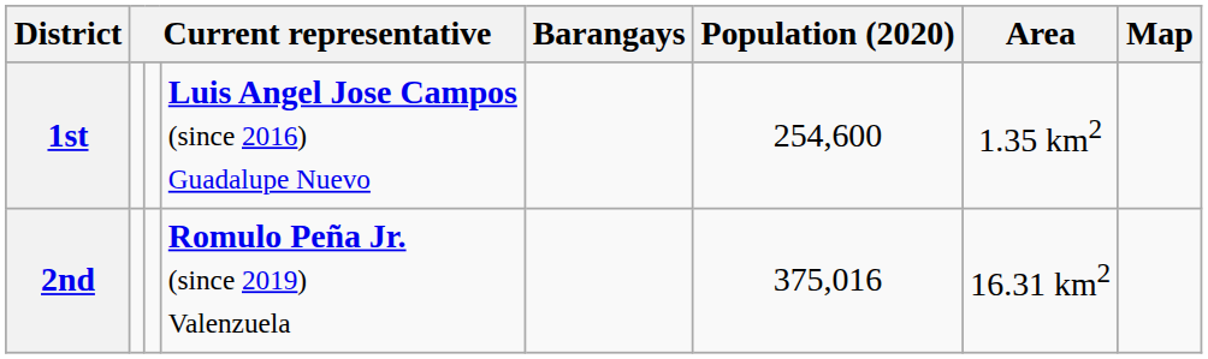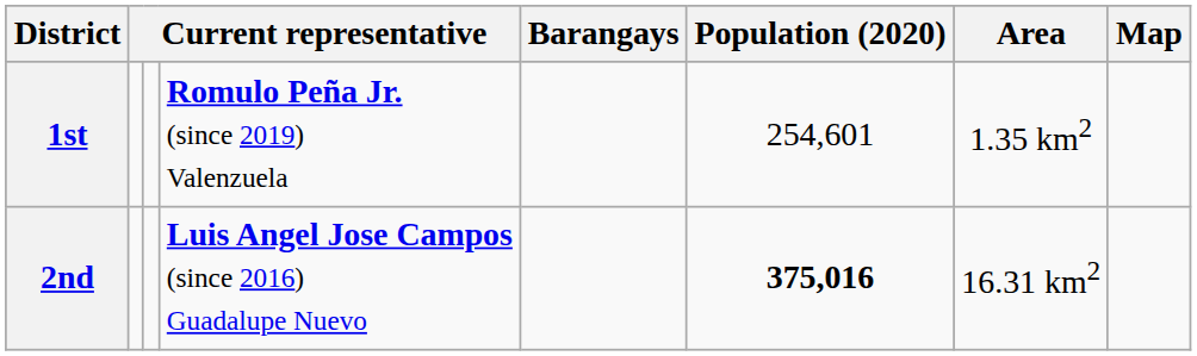 <table class="wikitable sortable" style="margin: 1em auto; font-size:100%; line-height:20px; text-align:center">
 <tr>
 <th>District</th>
 <th colspan="3">Current representative</th>
 <th>Barangays</th>
 <th>Population (2020)</th>
 <th>Area</th>
 <th>Map</th>
 </tr>
 <tr>
 <th><a href='#'>1st</a></th>
 <td style="background:"></td>
 <td></td>
-<td style="text-align:left;"><strong><a href='#'>Luis Angel Jose Campos</a></strong><br><small>(since <a href='#'>2016</a>)</small><br><small><a href='#'>Guadalupe Nuevo</a></small></td>
+<td style="text-align:left;"><strong><a href='#'>Romulo Peña Jr.</a></strong><br><small>(since <a href='#'>2019</a>)</small><br><small>Valenzuela</small></td>
 <td></td>
-<td>254,600</td>
+<td>254,601</td>
 <td>1.35 km<sup>2</sup></td>
 <td></td>
 </tr>
 <tr>
 <th><a href='#'>2nd</a></th>
 <td style="background:"></td>
 <td></td>
-<td style="text-align:left;"><strong><a href='#'>Romulo Peña Jr.</a></strong><br><small>(since <a href='#'>2019</a>)</small><br><small>Valenzuela</small></td>
+<td style="text-align:left;"><strong><a href='#'>Luis Angel Jose Campos</a></strong><br><small>(since <a href='#'>2016</a>)</small><br><small><a href='#'>Guadalupe Nuevo</a></small></td>
 <td></td>
-<td>375,016</td>
+<td><strong>375,016</strong></td>
 <td>16.31 km<sup>2</sup></td>
 <td></td>
 </tr>
 </table>
